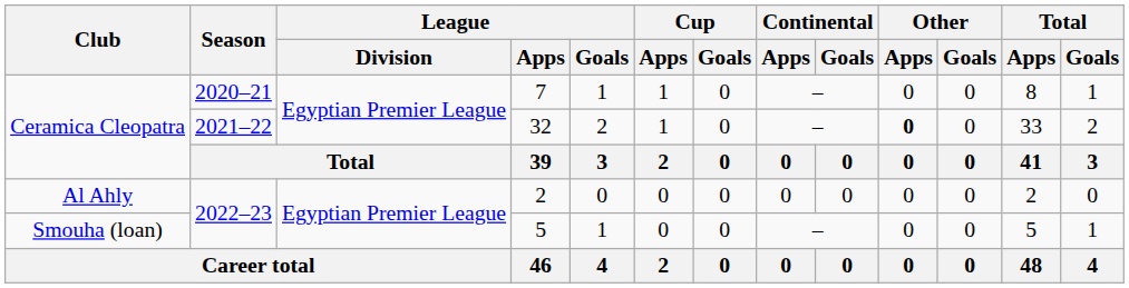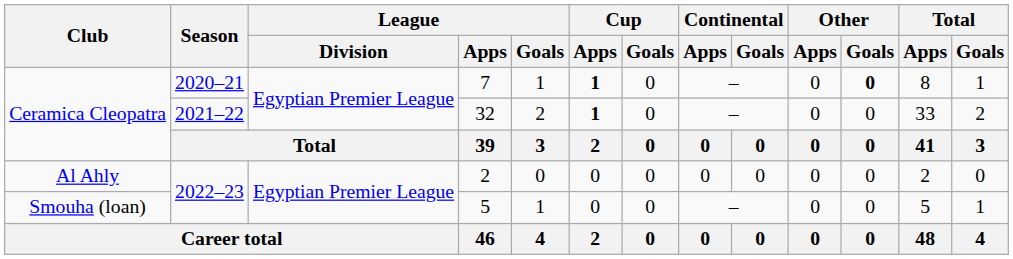 <table class=wikitable style=text-align:center>
 <tr>
 <th rowspan=2>Club</th>
 <th rowspan=2>Season</th>
 <th colspan=3>League</th>
 <th colspan=2>Cup</th>
 <th colspan=2>Continental</th>
 <th colspan=2>Other</th>
 <th colspan=2>Total</th>
 </tr>
 <tr>
 <th>Division</th>
 <th>Apps</th>
 <th>Goals</th>
 <th>Apps</th>
 <th>Goals</th>
 <th>Apps</th>
 <th>Goals</th>
 <th>Apps</th>
 <th>Goals</th>
 <th>Apps</th>
 <th>Goals</th>
 </tr>
 <tr>
 <td rowspan=3><a href='#'>Ceramica Cleopatra</a></td>
 <td><a href='#'>2020–21</a></td>
 <td rowspan=2><a href='#'>Egyptian Premier League</a></td>
 <td>7</td>
 <td>1</td>
-<td>1</td>
+<td><strong>1</strong></td>
 <td>0</td>
 <td colspan=2>–</td>
 <td>0</td>
-<td>0</td>
+<td><strong>0</strong></td>
 <td>8</td>
 <td>1</td>
 </tr>
 <tr>
 <td><a href='#'>2021–22</a></td>
 <td>32</td>
 <td>2</td>
-<td>1</td>
+<td><strong>1</strong></td>
 <td>0</td>
 <td colspan=2>–</td>
-<td><strong>0</strong></td>
+<td>0</td>
 <td>0</td>
 <td>33</td>
 <td>2</td>
 </tr>
 <tr>
 <th colspan=2>Total</th>
 <th>39</th>
 <th>3</th>
 <th>2</th>
 <th>0</th>
 <th>0</th>
 <th>0</th>
 <th>0</th>
 <th>0</th>
 <th>41</th>
 <th>3</th>
 </tr>
 <tr>
 <td><a href='#'>Al Ahly</a></td>
 <td rowspan=2><a href='#'>2022–23</a></td>
 <td rowspan=2><a href='#'>Egyptian Premier League</a></td>
 <td>2</td>
 <td>0</td>
 <td>0</td>
 <td>0</td>
 <td>0</td>
 <td>0</td>
 <td>0</td>
 <td>0</td>
 <td>2</td>
 <td>0</td>
 </tr>
 <tr>
 <td><a href='#'>Smouha</a> (loan)</td>
 <td>5</td>
 <td>1</td>
 <td>0</td>
 <td>0</td>
 <td colspan=2>–</td>
 <td>0</td>
 <td>0</td>
 <td>5</td>
 <td>1</td>
 </tr>
 <tr>
 <th colspan=3>Career total</th>
 <th>46</th>
 <th>4</th>
 <th>2</th>
 <th>0</th>
 <th>0</th>
 <th>0</th>
 <th>0</th>
 <th>0</th>
 <th>48</th>
 <th>4</th>
 </tr>
 </table>
